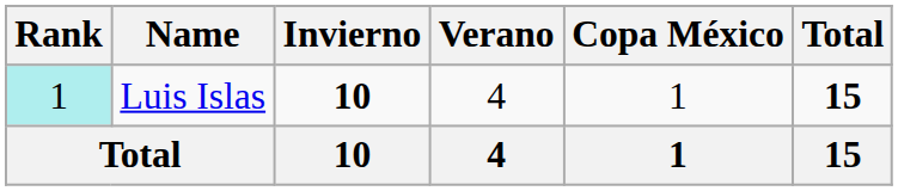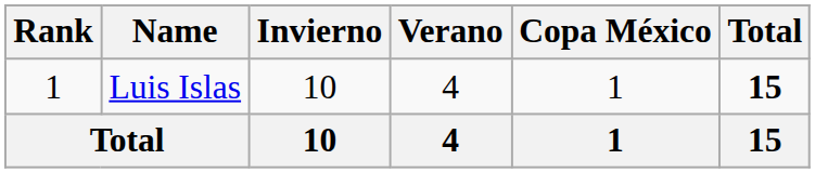 <table class="wikitable" style="text-align: center;">
 <tr>
 <th>Rank</th>
 <th>Name</th>
 <th>Invierno</th>
 <th>Verano</th>
 <th>Copa México</th>
 <th>Total</th>
 </tr>
 <tr>
-<td style="background: paleturquoise;">1</td>
+<td>1</td>
 <td align=left> <a href='#'>Luis Islas</a></td>
-<td><strong>10</strong></td>
+<td>10</td>
 <td>4</td>
 <td>1</td>
 <td><strong>15</strong></td>
 </tr>
 <tr>
 <th colspan=2>Total</th>
 <th>10</th>
 <th>4</th>
 <th>1</th>
 <th>15</th>
 </tr>
 </table>
